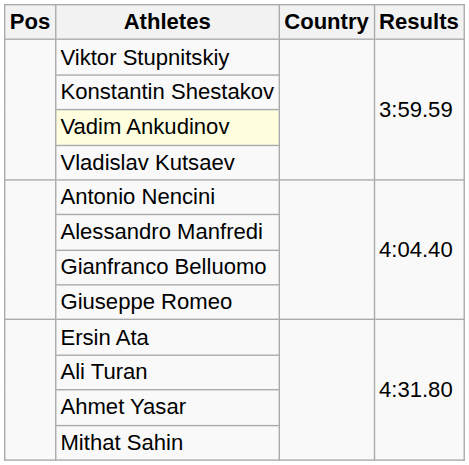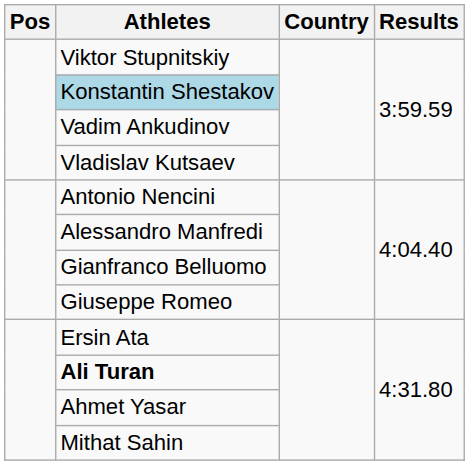 <table class="wikitable">
 <tr>
 <th>Pos</th>
 <th>Athletes</th>
 <th>Country</th>
 <th>Results</th>
 </tr>
 <tr>
 <td rowspan="4"></td>
 <td>Viktor Stupnitskiy</td>
 <td rowspan="4"></td>
 <td rowspan="4">3:59.59</td>
 </tr>
 <tr>
-<td>Konstantin Shestakov</td>
+<td style="background: lightblue;">Konstantin Shestakov</td>
 </tr>
 <tr>
-<td style="background: lightyellow;">Vadim Ankudinov</td>
+<td>Vadim Ankudinov</td>
 </tr>
 <tr>
 <td>Vladislav Kutsaev</td>
 </tr>
 <tr>
 <td rowspan="4"></td>
 <td>Antonio Nencini</td>
 <td rowspan="4"></td>
 <td rowspan="4">4:04.40</td>
 </tr>
 <tr>
 <td>Alessandro Manfredi</td>
 </tr>
 <tr>
 <td>Gianfranco Belluomo</td>
 </tr>
 <tr>
 <td>Giuseppe Romeo</td>
 </tr>
 <tr>
 <td rowspan="4"></td>
 <td>Ersin Ata</td>
 <td rowspan="4"></td>
 <td rowspan="4">4:31.80</td>
 </tr>
 <tr>
-<td>Ali Turan</td>
+<td><strong>Ali Turan</strong></td>
 </tr>
 <tr>
 <td>Ahmet Yasar</td>
 </tr>
 <tr>
 <td>Mithat Sahin</td>
 </tr>
 </table>
